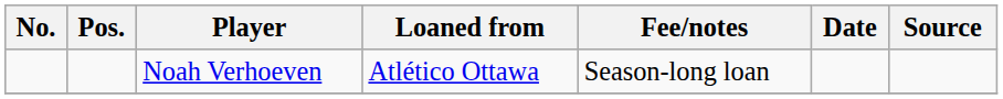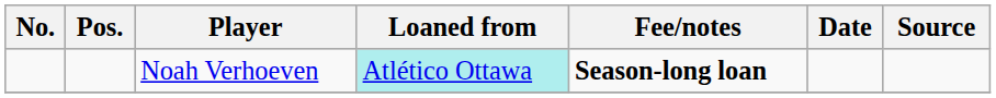 <table class="wikitable sortable" style="width:90%; text-align:center; font-size:95%; text-align:left;">
 <tr>
 <th>No.</th>
 <th>Pos.</th>
 <th>Player</th>
 <th>Loaned from</th>
 <th>Fee/notes</th>
 <th>Date</th>
 <th>Source</th>
 </tr>
 <tr>
 <td align=center></td>
 <td align=center></td>
 <td align=Verhoeven, Noah> <a href='#'>Noah Verhoeven</a></td>
-<td> <a href='#'>Atlético Ottawa</a></td>
-<td>Season-long loan</td>
+<td style="background: paleturquoise;"> <a href='#'>Atlético Ottawa</a></td>
+<td><strong>Season-long loan</strong></td>
 <td></td>
 <td></td>
 </tr>
 <tr>
 </tr>
 </table>
